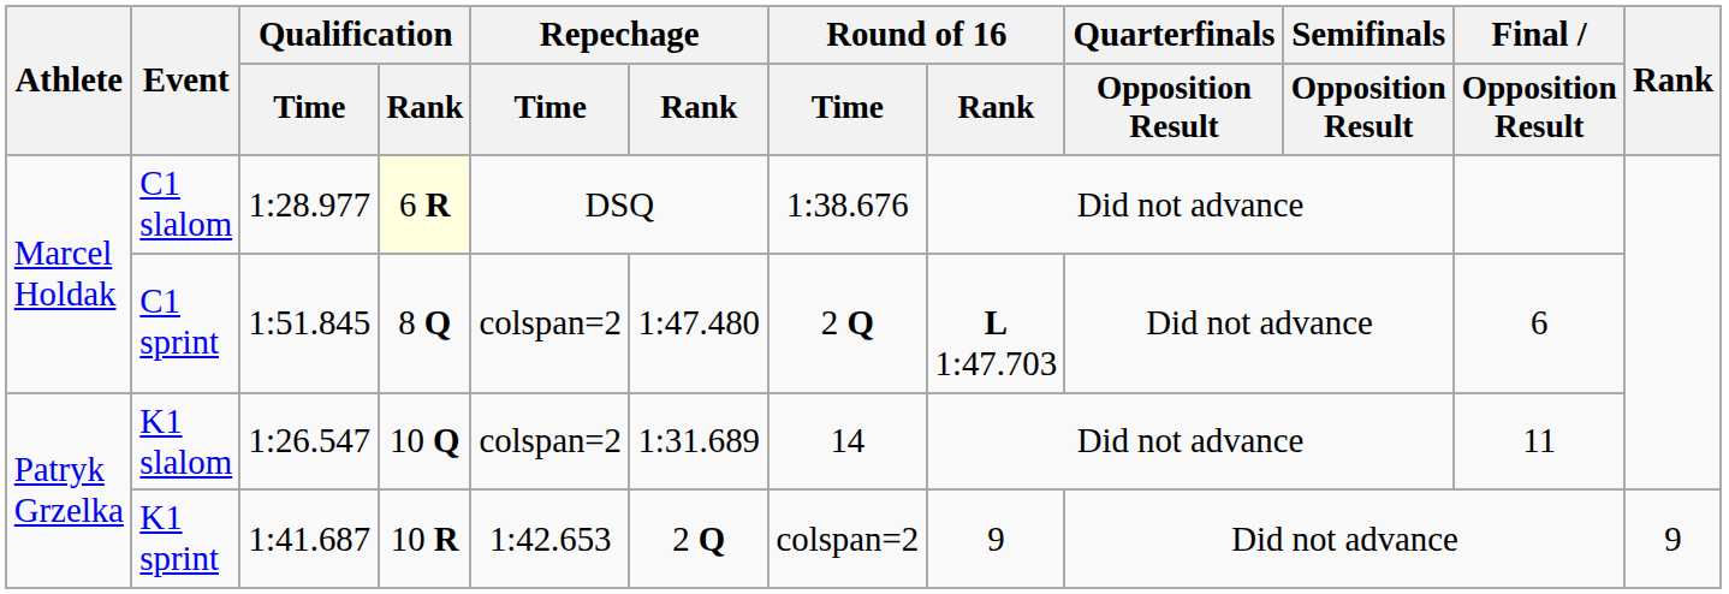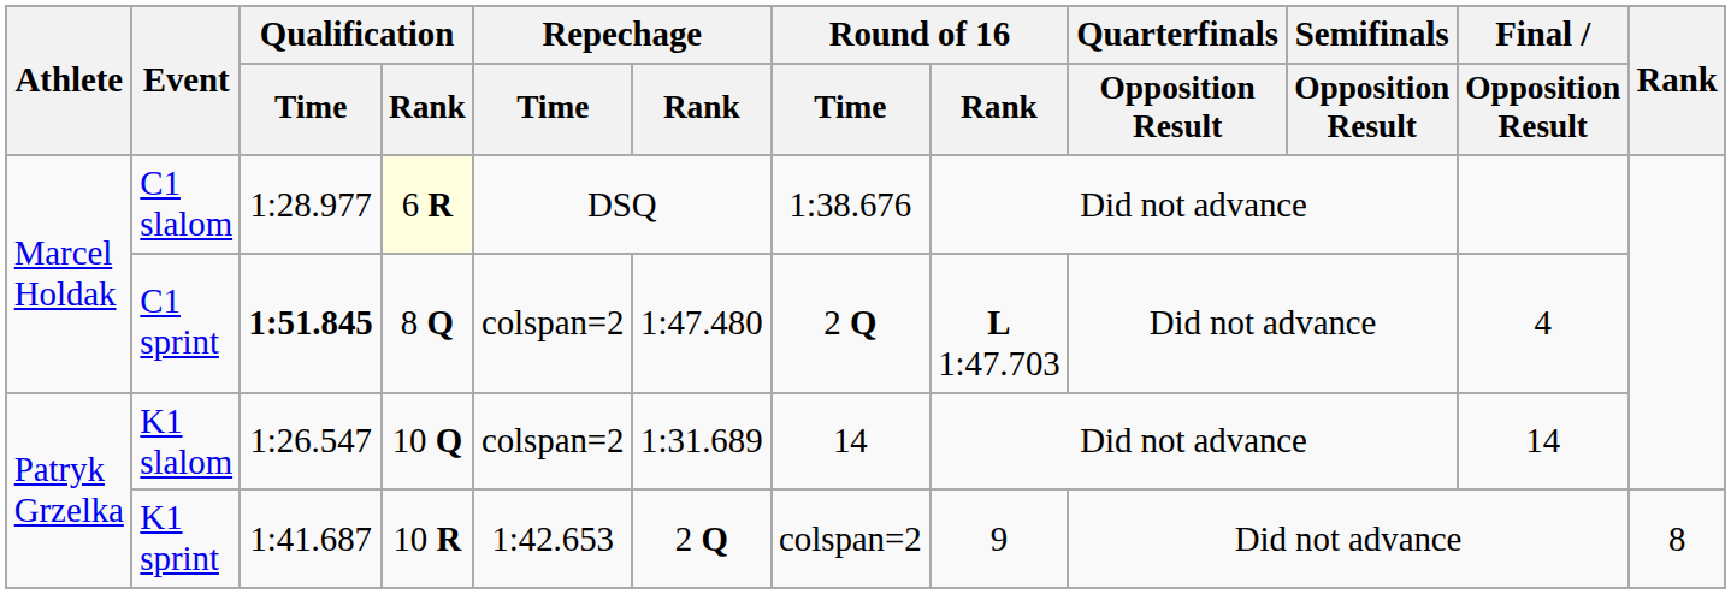 <table class="wikitable" style="font-size:90%;">
 <tr>
 <th rowspan=2>Athlete</th>
 <th rowspan=2>Event</th>
 <th colspan=2>Qualification</th>
 <th colspan=2>Repechage</th>
 <th colspan=2>Round of 16</th>
 <th>Quarterfinals</th>
 <th>Semifinals</th>
 <th>Final / </th>
 <th rowspan=2>Rank</th>
 </tr>
 <tr style="font-size:95%">
 <th>Time</th>
 <th>Rank</th>
 <th>Time</th>
 <th>Rank</th>
 <th>Time</th>
 <th>Rank</th>
 <th>Opposition <br>Result</th>
 <th>Opposition <br>Result</th>
 <th>Opposition <br>Result</th>
 </tr>
 <tr align=center>
 <td rowspan=2 align=left><a href='#'>Marcel Holdak</a></td>
 <td align=left><a href='#'>C1 slalom</a></td>
 <td>1:28.977</td>
 <td style="background: lightyellow;">6 <strong>R</strong></td>
 <td colspan=2>DSQ</td>
 <td>1:38.676</td>
 <td colspan=3>Did not advance</td>
 <td></td>
 </tr>
 <tr align=center>
 <td align=left><a href='#'>C1 sprint</a></td>
-<td>1:51.845</td>
+<td><strong>1:51.845</strong></td>
 <td>8 <strong>Q</strong></td>
 <td>colspan=2 </td>
 <td>1:47.480</td>
 <td>2 <strong>Q</strong></td>
 <td><br><strong>L</strong> 1:47.703</td>
 <td colspan=2>Did not advance</td>
-<td>6</td>
+<td>4</td>
 </tr>
 <tr align=center>
 <td rowspan=2 align=left><a href='#'>Patryk Grzelka</a></td>
 <td align=left><a href='#'>K1 slalom</a></td>
 <td>1:26.547</td>
 <td>10 <strong>Q</strong></td>
 <td>colspan=2 </td>
 <td>1:31.689</td>
 <td>14</td>
 <td colspan=3>Did not advance</td>
-<td>11</td>
+<td>14</td>
 </tr>
 <tr align=center>
 <td align=left><a href='#'>K1 sprint</a></td>
 <td>1:41.687</td>
 <td>10 <strong>R</strong></td>
 <td>1:42.653</td>
 <td>2 <strong>Q</strong></td>
 <td>colspan=2 </td>
 <td>9</td>
 <td colspan=3>Did not advance</td>
-<td>9</td>
+<td>8</td>
 </tr>
 </table>
